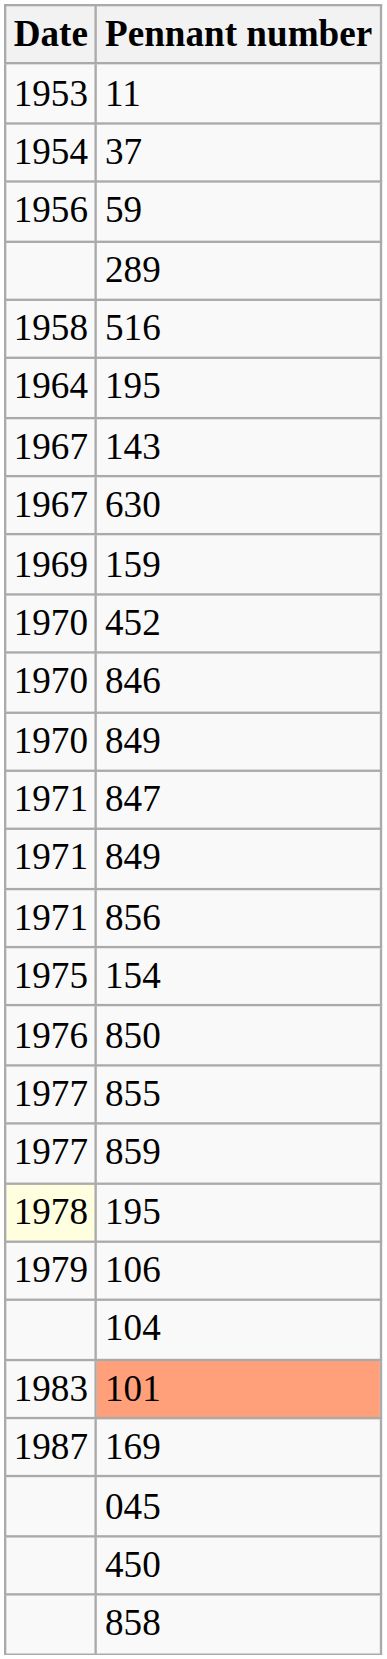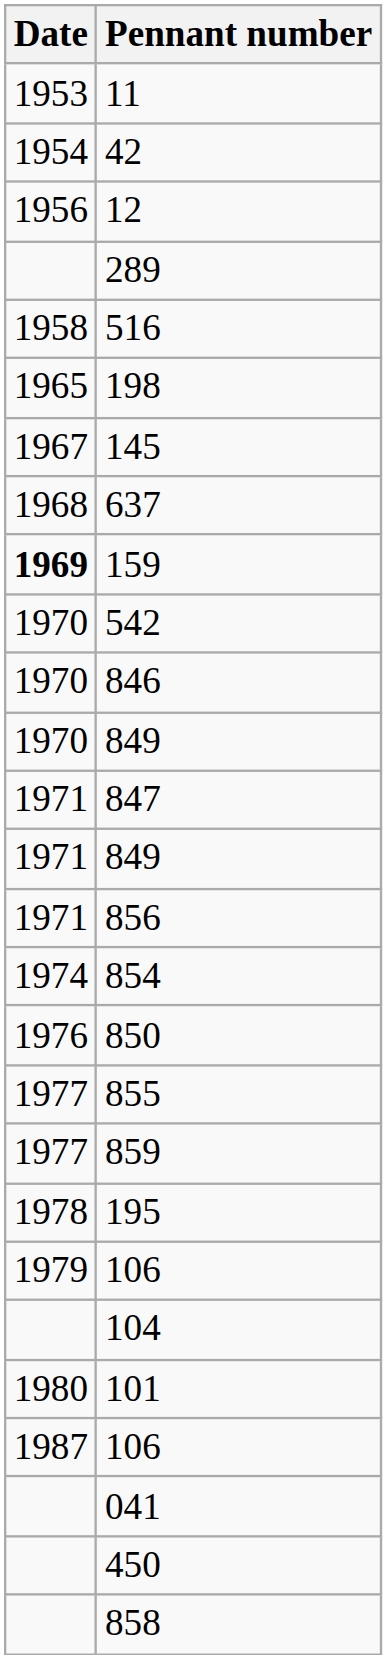 <table class="wikitable">
 <tr>
 <th>Date</th>
 <th>Pennant number</th>
 </tr>
 <tr>
 <td>1953</td>
 <td>11</td>
 </tr>
 <tr>
 <td>1954</td>
-<td>37</td>
+<td>42</td>
 </tr>
 <tr>
 <td>1956</td>
-<td>59</td>
+<td>12</td>
 </tr>
 <tr>
 <td></td>
 <td>289</td>
 </tr>
 <tr>
 <td>1958</td>
 <td>516</td>
 </tr>
 <tr>
-<td>1964</td>
-<td>195</td>
+<td>1965</td>
+<td>198</td>
 </tr>
 <tr>
 <td>1967</td>
-<td>143</td>
+<td>145</td>
 </tr>
 <tr>
-<td>1967</td>
-<td>630</td>
+<td>1968</td>
+<td>637</td>
 </tr>
 <tr>
-<td>1969</td>
+<td><strong>1969</strong></td>
 <td>159</td>
 </tr>
 <tr>
 <td>1970</td>
-<td>452</td>
+<td>542</td>
 </tr>
 <tr>
 <td>1970</td>
 <td>846</td>
 </tr>
 <tr>
 <td>1970</td>
 <td>849</td>
 </tr>
 <tr>
 <td>1971</td>
 <td>847</td>
 </tr>
 <tr>
 <td>1971</td>
 <td>849</td>
 </tr>
 <tr>
 <td>1971</td>
 <td>856</td>
 </tr>
 <tr>
-<td>1975</td>
-<td>154</td>
+<td>1974</td>
+<td>854</td>
 </tr>
 <tr>
 <td>1976</td>
 <td>850</td>
 </tr>
 <tr>
 <td>1977</td>
 <td>855</td>
 </tr>
 <tr>
 <td>1977</td>
 <td>859</td>
 </tr>
 <tr>
-<td style="background: lightyellow;">1978</td>
+<td>1978</td>
 <td>195</td>
 </tr>
 <tr>
 <td>1979</td>
 <td>106</td>
 </tr>
 <tr>
 <td></td>
 <td>104</td>
 </tr>
 <tr>
-<td>1983</td>
-<td style="background: lightsalmon;">101</td>
+<td>1980</td>
+<td>101</td>
 </tr>
 <tr>
 <td>1987</td>
-<td>169</td>
+<td>106</td>
 </tr>
 <tr>
 <td></td>
-<td>045</td>
+<td>041</td>
 </tr>
 <tr>
 <td></td>
 <td>450</td>
 </tr>
 <tr>
 <td></td>
 <td>858</td>
 </tr>
 </table>
